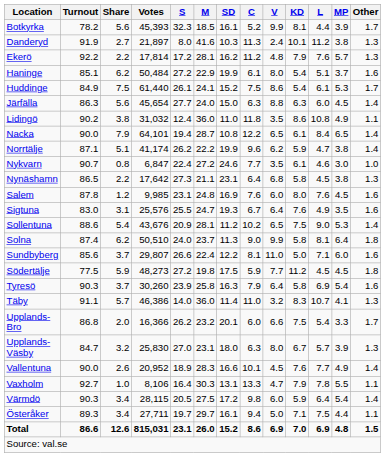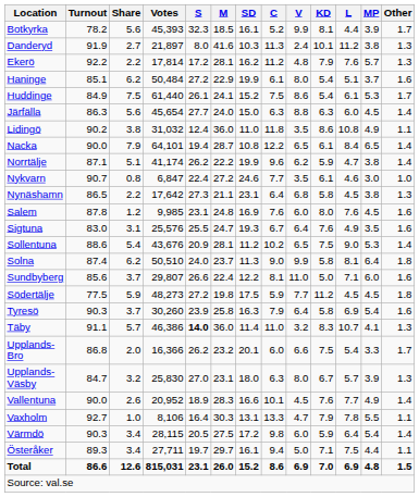 <table class="wikitable sortable" style=text-align:right>
 <tr>
 <th>Location</th>
 <th>Turnout</th>
 <th>Share</th>
 <th>Votes</th>
 <th><a href='#'>S</a></th>
 <th><a href='#'>M</a></th>
 <th><a href='#'>SD</a></th>
 <th><a href='#'>C</a></th>
 <th><a href='#'>V</a></th>
 <th><a href='#'>KD</a></th>
 <th><a href='#'>L</a></th>
 <th><a href='#'>MP</a></th>
 <th>Other</th>
 </tr>
 <tr>
 <td align=left><a href='#'>Botkyrka</a></td>
 <td>78.2</td>
 <td>5.6</td>
 <td>45,393</td>
 <td>32.3</td>
 <td>18.5</td>
 <td>16.1</td>
 <td>5.2</td>
 <td>9.9</td>
 <td>8.1</td>
 <td>4.4</td>
 <td>3.9</td>
 <td>1.7</td>
 </tr>
 <tr>
 <td align=left><a href='#'>Danderyd</a></td>
 <td>91.9</td>
 <td>2.7</td>
 <td>21,897</td>
 <td>8.0</td>
 <td>41.6</td>
 <td>10.3</td>
 <td>11.3</td>
 <td>2.4</td>
 <td>10.1</td>
 <td>11.2</td>
 <td>3.8</td>
 <td>1.3</td>
 </tr>
 <tr>
 <td align=left><a href='#'>Ekerö</a></td>
 <td>92.2</td>
 <td>2.2</td>
 <td>17,814</td>
 <td>17.2</td>
 <td>28.1</td>
 <td>16.2</td>
 <td>11.2</td>
 <td>4.8</td>
 <td>7.9</td>
 <td>7.6</td>
 <td>5.7</td>
 <td>1.3</td>
 </tr>
 <tr>
 <td align=left><a href='#'>Haninge</a></td>
 <td>85.1</td>
 <td>6.2</td>
 <td>50,484</td>
 <td>27.2</td>
 <td>22.9</td>
 <td>19.9</td>
 <td>6.1</td>
 <td>8.0</td>
 <td>5.4</td>
 <td>5.1</td>
 <td>3.7</td>
 <td>1.6</td>
 </tr>
 <tr>
 <td align=left><a href='#'>Huddinge</a></td>
 <td>84.9</td>
 <td>7.5</td>
 <td>61,440</td>
 <td>26.1</td>
 <td>24.1</td>
 <td>15.2</td>
 <td>7.5</td>
 <td>8.6</td>
 <td>5.4</td>
 <td>6.1</td>
 <td>5.3</td>
 <td>1.7</td>
 </tr>
 <tr>
 <td align=left><a href='#'>Järfälla</a></td>
 <td>86.3</td>
 <td>5.6</td>
 <td>45,654</td>
 <td>27.7</td>
 <td>24.0</td>
 <td>15.0</td>
 <td>6.3</td>
 <td>8.8</td>
 <td>6.3</td>
 <td>6.0</td>
 <td>4.5</td>
 <td>1.4</td>
 </tr>
 <tr>
 <td align=left><a href='#'>Lidingö</a></td>
 <td>90.2</td>
 <td>3.8</td>
 <td>31,032</td>
 <td>12.4</td>
 <td>36.0</td>
 <td>11.0</td>
 <td>11.8</td>
 <td>3.5</td>
 <td>8.6</td>
 <td>10.8</td>
 <td>4.9</td>
 <td>1.1</td>
 </tr>
 <tr>
 <td align=left><a href='#'>Nacka</a></td>
 <td>90.0</td>
 <td>7.9</td>
 <td>64,101</td>
 <td>19.4</td>
 <td>28.7</td>
 <td>10.8</td>
 <td>12.2</td>
 <td>6.5</td>
 <td>6.1</td>
 <td>8.4</td>
 <td>6.5</td>
 <td>1.4</td>
 </tr>
 <tr>
 <td align=left><a href='#'>Norrtälje</a></td>
 <td>87.1</td>
 <td>5.1</td>
 <td>41,174</td>
 <td>26.2</td>
 <td>22.2</td>
 <td>19.9</td>
 <td>9.6</td>
 <td>6.2</td>
 <td>5.9</td>
 <td>4.7</td>
 <td>3.8</td>
 <td>1.4</td>
 </tr>
 <tr>
 <td align=left><a href='#'>Nykvarn</a></td>
 <td>90.7</td>
 <td>0.8</td>
 <td>6,847</td>
 <td>22.4</td>
 <td>27.2</td>
 <td>24.6</td>
 <td>7.7</td>
 <td>3.5</td>
 <td>6.1</td>
 <td>4.6</td>
 <td>3.0</td>
 <td>1.0</td>
 </tr>
 <tr>
 <td align=left><a href='#'>Nynäshamn</a></td>
 <td>86.5</td>
 <td>2.2</td>
 <td>17,642</td>
 <td>27.3</td>
 <td>21.1</td>
 <td>23.1</td>
 <td>6.4</td>
 <td>6.8</td>
 <td>5.8</td>
 <td>4.5</td>
 <td>3.8</td>
 <td>1.3</td>
 </tr>
 <tr>
 <td align=left><a href='#'>Salem</a></td>
 <td>87.8</td>
 <td>1.2</td>
 <td>9,985</td>
 <td>23.1</td>
 <td>24.8</td>
 <td>16.9</td>
 <td>7.6</td>
 <td>6.0</td>
 <td>8.0</td>
 <td>7.6</td>
 <td>4.5</td>
 <td>1.6</td>
 </tr>
 <tr>
 <td align=left><a href='#'>Sigtuna</a></td>
 <td>83.0</td>
 <td>3.1</td>
 <td>25,576</td>
 <td>25.5</td>
 <td>24.7</td>
 <td>19.3</td>
 <td>6.7</td>
 <td>6.4</td>
 <td>7.6</td>
 <td>4.9</td>
 <td>3.5</td>
 <td>1.6</td>
 </tr>
 <tr>
 <td align=left><a href='#'>Sollentuna</a></td>
 <td>88.6</td>
 <td>5.4</td>
 <td>43,676</td>
 <td>20.9</td>
 <td>28.1</td>
 <td>11.2</td>
 <td>10.2</td>
 <td>6.5</td>
 <td>7.5</td>
 <td>9.0</td>
 <td>5.3</td>
 <td>1.4</td>
 </tr>
 <tr>
 <td align=left><a href='#'>Solna</a></td>
 <td>87.4</td>
 <td>6.2</td>
 <td>50,510</td>
 <td>24.0</td>
 <td>23.7</td>
 <td>11.3</td>
 <td>9.0</td>
 <td>9.9</td>
 <td>5.8</td>
 <td>8.1</td>
 <td>6.4</td>
 <td>1.8</td>
 </tr>
 <tr>
 <td align=left><a href='#'>Sundbyberg</a></td>
 <td>85.6</td>
 <td>3.7</td>
 <td>29,807</td>
 <td>26.6</td>
 <td>22.4</td>
 <td>12.2</td>
 <td>8.1</td>
 <td>11.0</td>
 <td>5.0</td>
 <td>7.1</td>
 <td>6.0</td>
 <td>1.6</td>
 </tr>
 <tr>
 <td align=left><a href='#'>Södertälje</a></td>
 <td>77.5</td>
 <td>5.9</td>
 <td>48,273</td>
 <td>27.2</td>
 <td>19.8</td>
 <td>17.5</td>
 <td>5.9</td>
 <td>7.7</td>
 <td>11.2</td>
 <td>4.5</td>
 <td>4.5</td>
 <td>1.8</td>
 </tr>
 <tr>
 <td align=left><a href='#'>Tyresö</a></td>
 <td>90.3</td>
 <td>3.7</td>
 <td>30,260</td>
 <td>23.9</td>
 <td>25.8</td>
 <td>16.3</td>
 <td>7.9</td>
 <td>6.4</td>
 <td>5.8</td>
 <td>6.9</td>
 <td>5.4</td>
 <td>1.6</td>
 </tr>
 <tr>
 <td align=left><a href='#'>Täby</a></td>
 <td>91.1</td>
 <td>5.7</td>
 <td>46,386</td>
-<td>14.0</td>
+<td><strong>14.0</strong></td>
 <td>36.0</td>
 <td>11.4</td>
 <td>11.0</td>
 <td>3.2</td>
 <td>8.3</td>
 <td>10.7</td>
 <td>4.1</td>
 <td>1.3</td>
 </tr>
 <tr>
 <td align=left><a href='#'>Upplands-Bro</a></td>
 <td>86.8</td>
 <td>2.0</td>
 <td>16,366</td>
 <td>26.2</td>
 <td>23.2</td>
 <td>20.1</td>
 <td>6.0</td>
 <td>6.6</td>
 <td>7.5</td>
 <td>5.4</td>
 <td>3.3</td>
 <td>1.7</td>
 </tr>
 <tr>
 <td align=left><a href='#'>Upplands-Väsby</a></td>
 <td>84.7</td>
 <td>3.2</td>
 <td>25,830</td>
 <td>27.0</td>
 <td>23.1</td>
 <td>18.0</td>
 <td>6.3</td>
 <td>8.0</td>
 <td>6.7</td>
 <td>5.7</td>
 <td>3.9</td>
 <td>1.3</td>
 </tr>
 <tr>
 <td align=left><a href='#'>Vallentuna</a></td>
 <td>90.0</td>
 <td>2.6</td>
 <td>20,952</td>
 <td>18.9</td>
 <td>28.3</td>
 <td>16.6</td>
 <td>10.1</td>
 <td>4.5</td>
 <td>7.6</td>
 <td>7.7</td>
 <td>4.9</td>
 <td>1.4</td>
 </tr>
 <tr>
 <td align=left><a href='#'>Vaxholm</a></td>
 <td>92.7</td>
 <td>1.0</td>
 <td>8,106</td>
 <td>16.4</td>
 <td>30.3</td>
 <td>13.1</td>
 <td>13.3</td>
 <td>4.7</td>
 <td>7.9</td>
 <td>7.8</td>
 <td>5.5</td>
 <td>1.1</td>
 </tr>
 <tr>
 <td align=left><a href='#'>Värmdö</a></td>
 <td>90.3</td>
 <td>3.4</td>
 <td>28,115</td>
 <td>20.5</td>
 <td>27.5</td>
 <td>17.2</td>
 <td>9.8</td>
 <td>6.0</td>
 <td>5.9</td>
 <td>6.4</td>
 <td>5.4</td>
 <td>1.4</td>
 </tr>
 <tr>
 <td align=left><a href='#'>Österåker</a></td>
 <td>89.3</td>
 <td>3.4</td>
 <td>27,711</td>
 <td>19.7</td>
 <td>29.7</td>
 <td>16.1</td>
 <td>9.4</td>
 <td>5.0</td>
 <td>7.1</td>
 <td>7.5</td>
 <td>4.4</td>
 <td>1.1</td>
 </tr>
 <tr>
 <td align=left><strong>Total</strong></td>
 <td><strong>86.6</strong></td>
 <td><strong>12.6</strong></td>
 <td><strong>815,031</strong></td>
 <td><strong>23.1</strong></td>
 <td><strong>26.0</strong></td>
 <td><strong>15.2</strong></td>
 <td><strong>8.6</strong></td>
 <td><strong>6.9</strong></td>
 <td><strong>7.0</strong></td>
 <td><strong>6.9</strong></td>
 <td><strong>4.8</strong></td>
 <td><strong>1.5</strong></td>
 </tr>
 <tr>
 <td align=left colspan=13>Source: val.se</td>
 </tr>
 </table>
